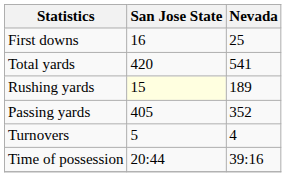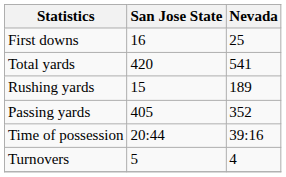 <table class="wikitable">
 <tr>
 <th>Statistics</th>
 <th>San Jose State</th>
 <th>Nevada</th>
 </tr>
 <tr>
 <td>First downs</td>
 <td>16</td>
 <td>25</td>
 </tr>
 <tr>
 <td>Total yards</td>
 <td>420</td>
 <td>541</td>
 </tr>
 <tr>
 <td>Rushing yards</td>
-<td style="background: lightyellow;">15</td>
+<td>15</td>
 <td>189</td>
 </tr>
 <tr>
 <td>Passing yards</td>
 <td>405</td>
 <td>352</td>
 </tr>
 <tr>
+<td>Time of possession</td>
+<td>20:44</td>
+<td>39:16</td>
+</tr>
+<tr>
 <td>Turnovers</td>
 <td>5</td>
 <td>4</td>
 </tr>
 <tr>
-<td>Time of possession</td>
-<td>20:44</td>
-<td>39:16</td>
-</tr>
-<tr>
 </tr>
 </table>
